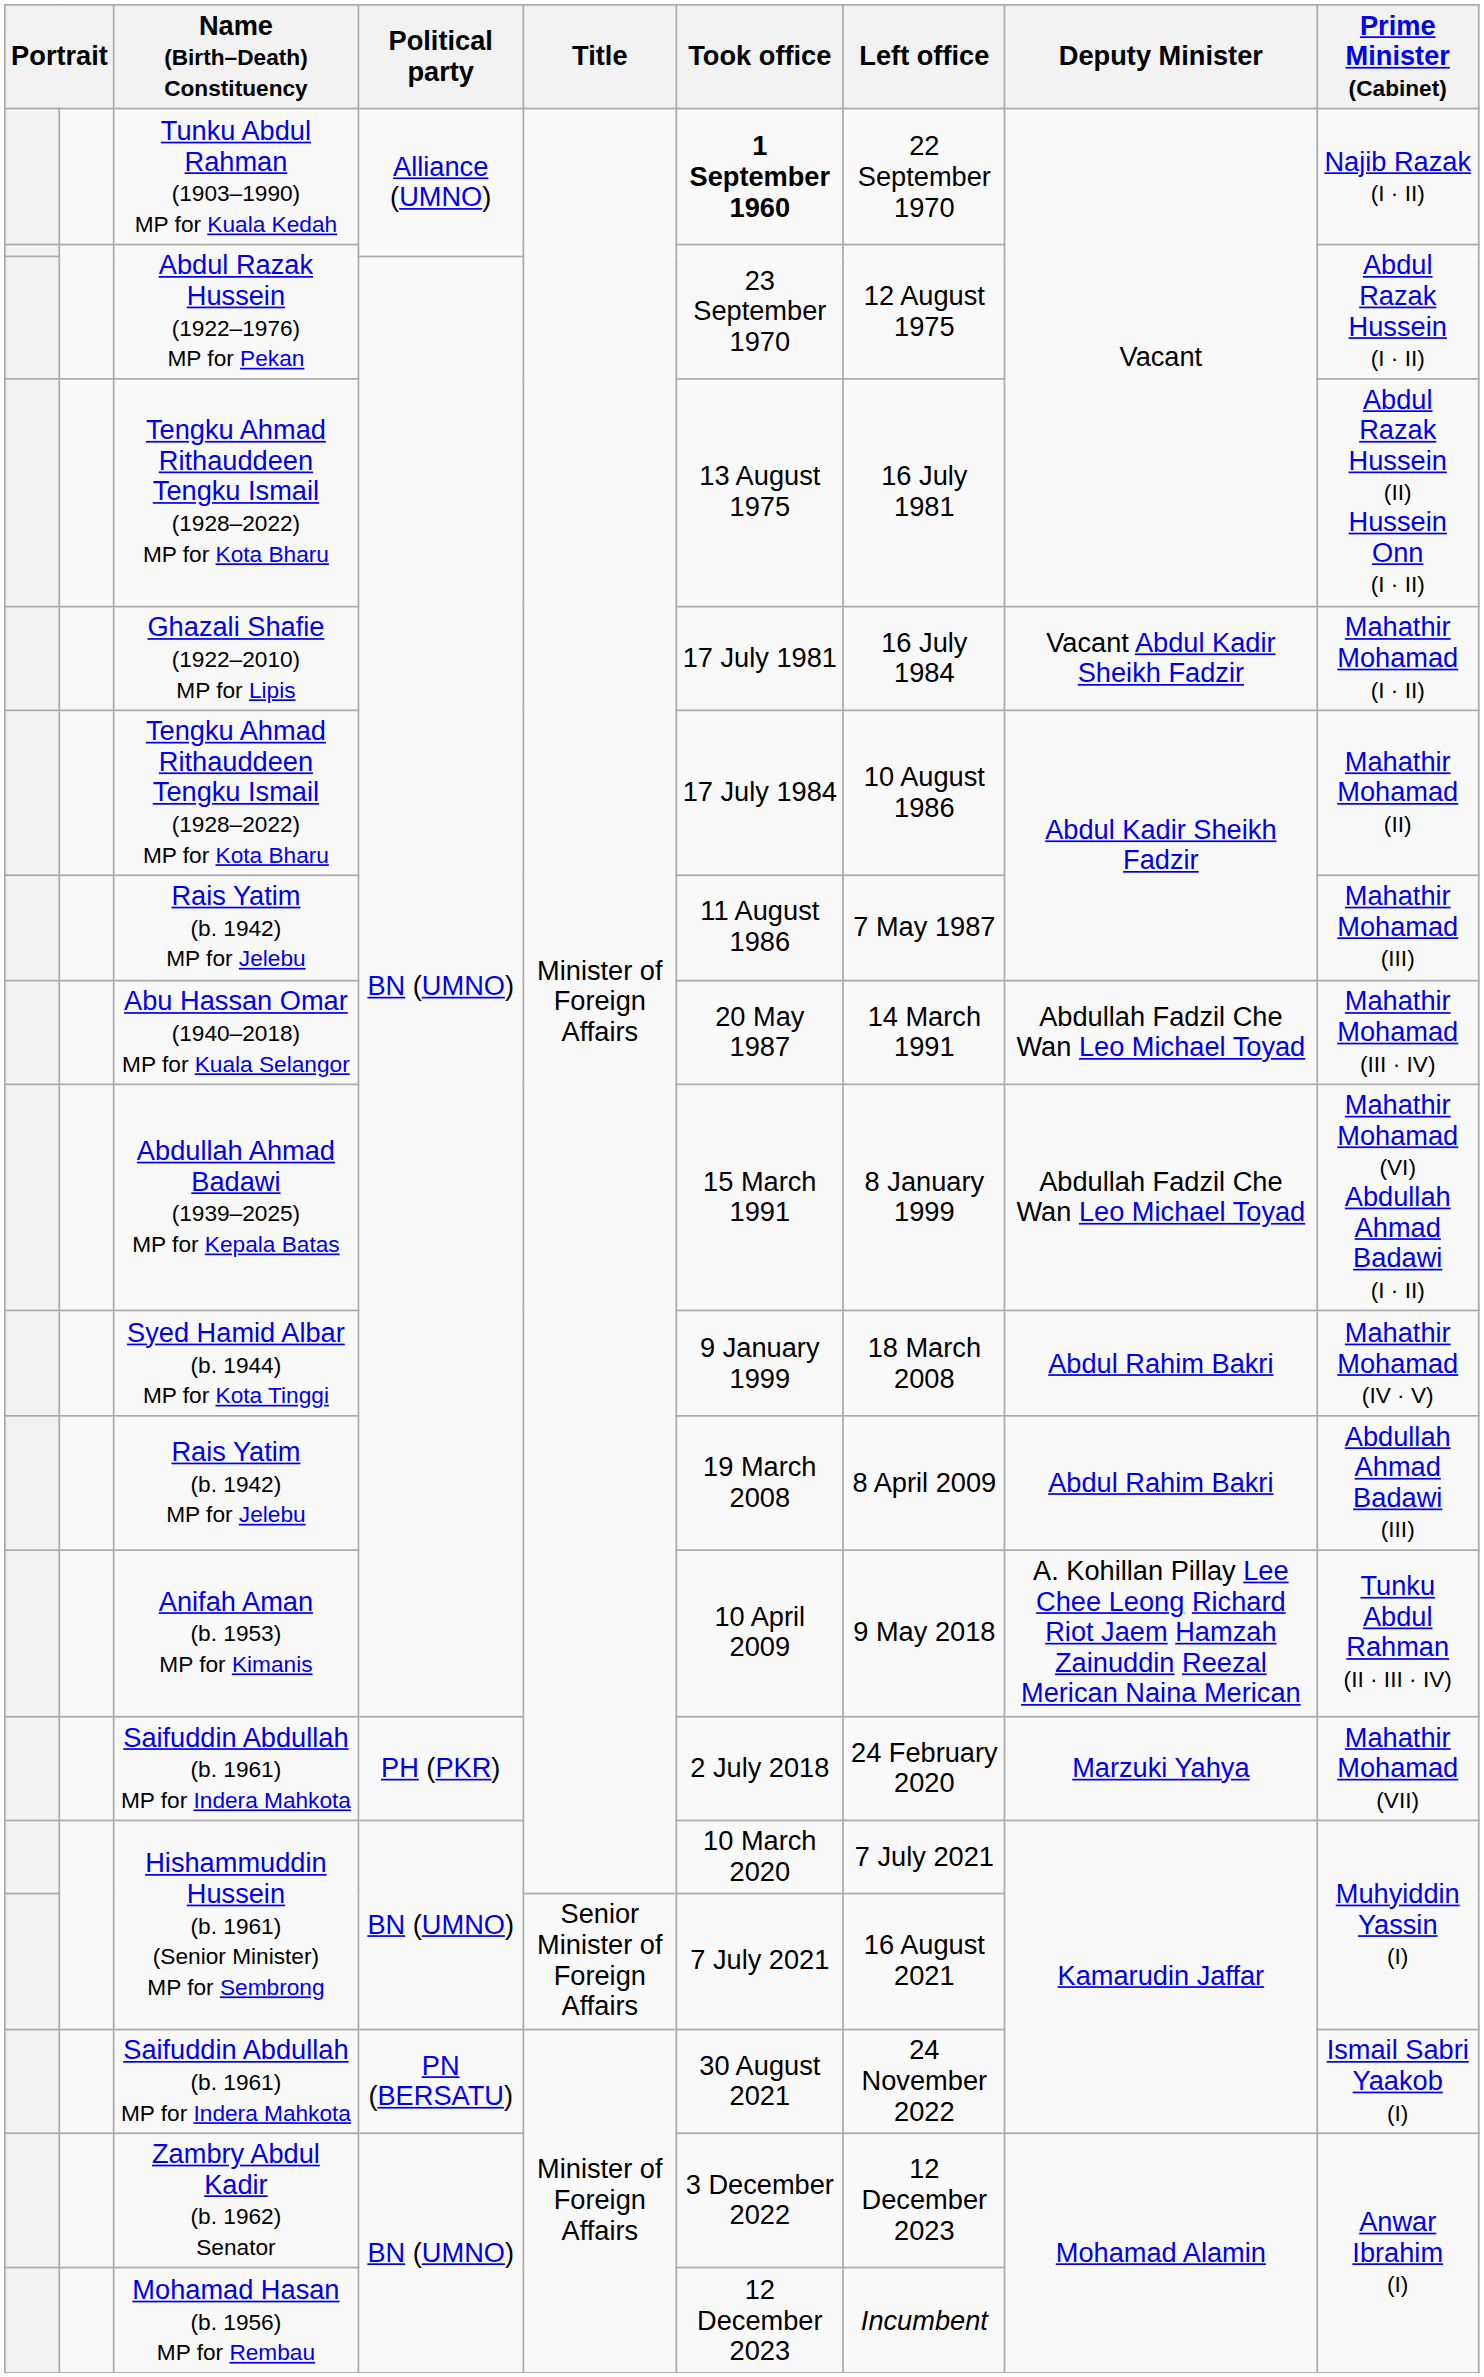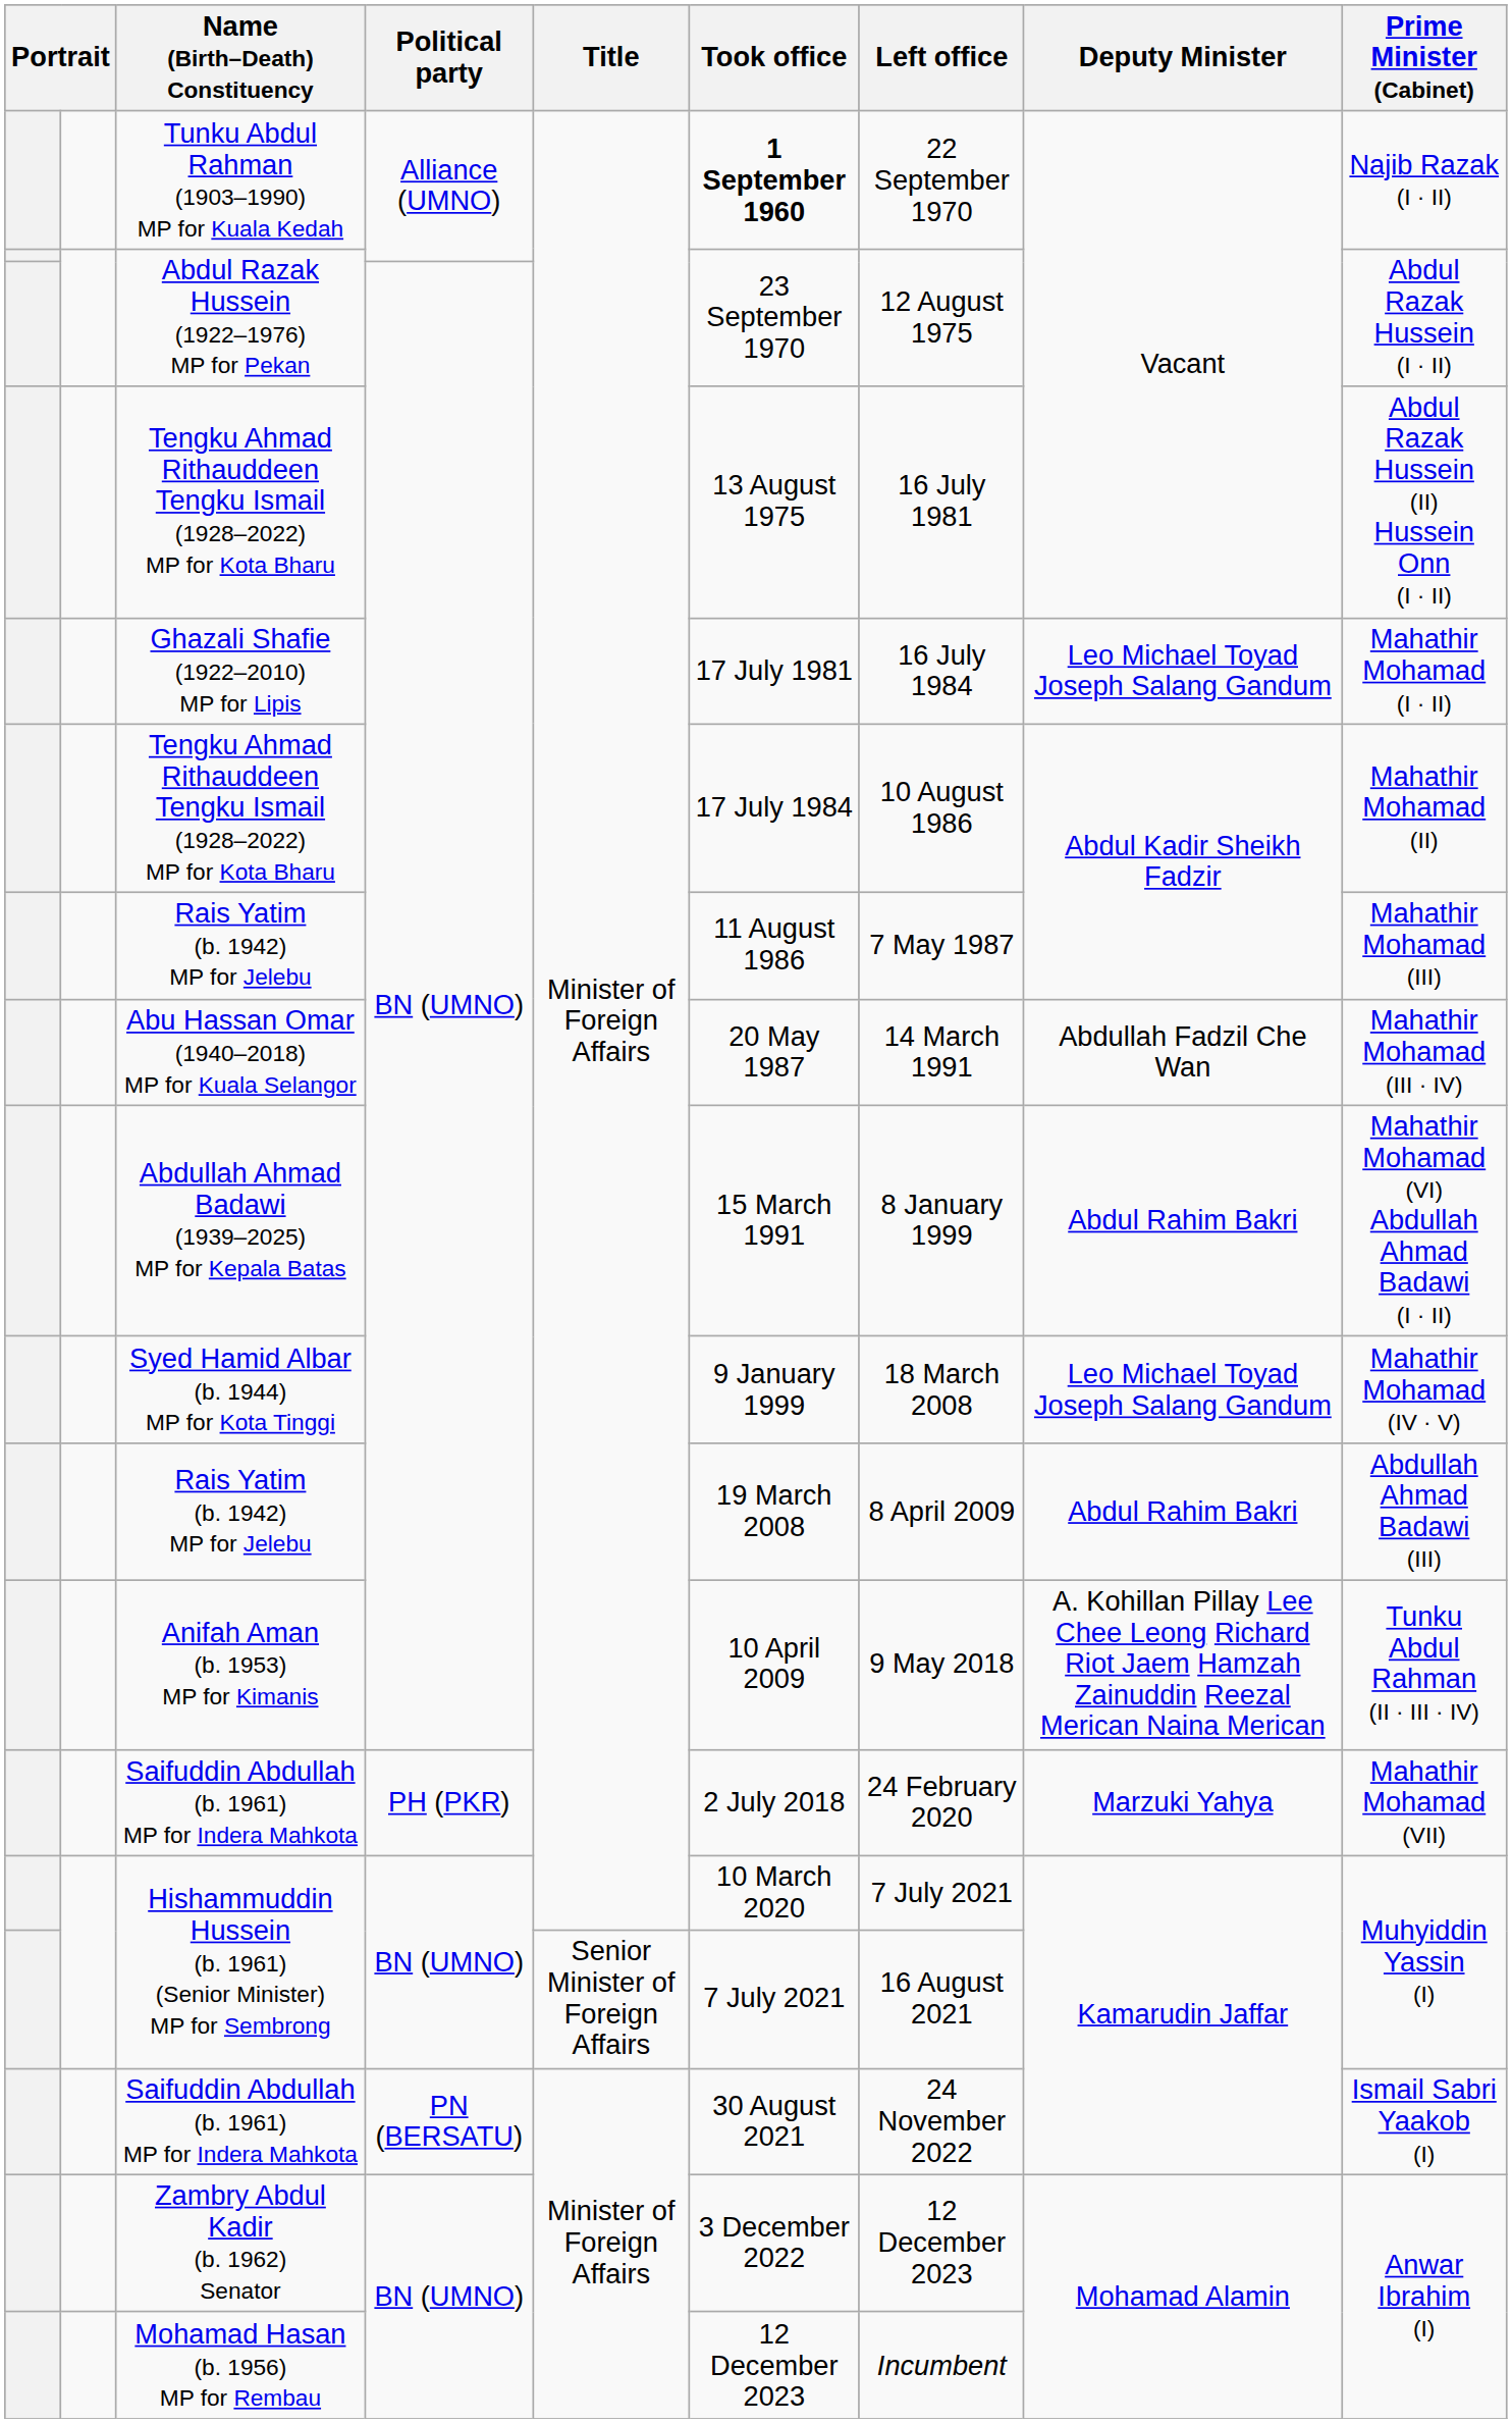 <table class="wikitable sortable" style="text-align:center;">
 <tr>
 <th colspan=2>Portrait</th>
 <th>Name<br><small>(Birth–Death)<br>Constituency</small></th>
 <th>Political party</th>
 <th>Title</th>
 <th>Took office</th>
 <th>Left office</th>
 <th>Deputy Minister</th>
 <th><a href='#'>Prime Minister</a><br><small>(Cabinet)</small></th>
 </tr>
 <tr>
 <th style="background:"></th>
 <td></td>
 <td><a href='#'>Tunku Abdul Rahman</a><br><small>(1903–1990)<br>MP for <a href='#'>Kuala Kedah</a></small></td>
 <td rowspan="2"><a href='#'>Alliance</a> (<a href='#'>UMNO</a>)</td>
 <td rowspan="14">Minister of Foreign Affairs</td>
 <td><strong>1 September 1960</strong></td>
 <td>22 September 1970</td>
 <td rowspan="4">Vacant</td>
 <td><a href='#'>Najib Razak</a><br><small>(I · II)</small></td>
 </tr>
 <tr>
 <th style="background:"></th>
 <td rowspan=2></td>
 <td rowspan=2><a href='#'>Abdul Razak Hussein</a><br><small>(1922–1976)<br>MP for <a href='#'>Pekan</a></small></td>
 <td rowspan=2>23 September 1970</td>
 <td rowspan=2>12 August 1975</td>
 <td rowspan=2><a href='#'>Abdul Razak Hussein</a><br><small>(I · II)</small></td>
 </tr>
 <tr>
 <th style="background:"></th>
 <td rowspan=10><a href='#'>BN</a> (<a href='#'>UMNO</a>)</td>
 </tr>
 <tr>
 <th style="background:"></th>
 <td></td>
 <td><a href='#'>Tengku Ahmad Rithauddeen Tengku Ismail</a><br><small>(1928–2022)<br>MP for <a href='#'>Kota Bharu</a></small></td>
 <td>13 August 1975</td>
 <td>16 July 1981</td>
 <td><a href='#'>Abdul Razak Hussein</a><br><small>(II)</small><br><a href='#'>Hussein Onn</a><br><small>(I · II)</small></td>
 </tr>
 <tr>
 <th style="background:"></th>
 <td></td>
 <td><a href='#'>Ghazali Shafie</a><br><small>(1922–2010)<br>MP for <a href='#'>Lipis</a></small></td>
 <td>17 July 1981</td>
 <td>16 July 1984</td>
-<td>Vacant  <a href='#'>Abdul Kadir Sheikh Fadzir</a> </td>
+<td><a href='#'>Leo Michael Toyad</a>  <a href='#'>Joseph Salang Gandum</a> </td>
 <td><a href='#'>Mahathir Mohamad</a><br><small>(I · II)</small></td>
 </tr>
 <tr>
 <th style="background:"></th>
 <td></td>
 <td><a href='#'>Tengku Ahmad Rithauddeen Tengku Ismail</a><br><small>(1928–2022)<br>MP for <a href='#'>Kota Bharu</a></small></td>
 <td>17 July 1984</td>
 <td>10 August 1986</td>
 <td rowspan="2"><a href='#'>Abdul Kadir Sheikh Fadzir</a></td>
 <td><a href='#'>Mahathir Mohamad</a><br><small>(II)</small></td>
 </tr>
 <tr>
 <th style="background:"></th>
 <td></td>
 <td><a href='#'>Rais Yatim</a><br><small>(b. 1942)<br>MP for <a href='#'>Jelebu</a></small></td>
 <td>11 August 1986</td>
 <td>7 May 1987</td>
 <td><a href='#'>Mahathir Mohamad</a><br><small>(III)</small></td>
 </tr>
 <tr>
 <th style="background:"></th>
 <td></td>
 <td><a href='#'>Abu Hassan Omar</a><br><small>(1940–2018)<br>MP for <a href='#'>Kuala Selangor</a></small></td>
 <td>20 May 1987</td>
 <td>14 March 1991</td>
-<td>Abdullah Fadzil Che Wan  <a href='#'>Leo Michael Toyad</a> </td>
+<td>Abdullah Fadzil Che Wan</td>
 <td><a href='#'>Mahathir Mohamad</a><br><small>(III · IV)</small></td>
 </tr>
 <tr>
 <th style="background:"></th>
 <td></td>
 <td><a href='#'>Abdullah Ahmad Badawi</a><br><small>(1939–2025)<br>MP for <a href='#'>Kepala Batas</a></small></td>
 <td>15 March 1991</td>
 <td>8 January 1999</td>
-<td>Abdullah Fadzil Che Wan  <a href='#'>Leo Michael Toyad</a> </td>
+<td><a href='#'>Abdul Rahim Bakri</a></td>
 <td><a href='#'>Mahathir Mohamad</a><br><small>(VI)</small><br><a href='#'>Abdullah Ahmad Badawi</a><br><small>(I · II)</small></td>
 </tr>
 <tr>
 <th style="background:"></th>
 <td></td>
 <td><a href='#'>Syed Hamid Albar</a><br><small>(b. 1944)<br>MP for <a href='#'>Kota Tinggi</a></small></td>
 <td>9 January 1999</td>
 <td>18 March 2008</td>
-<td><a href='#'>Abdul Rahim Bakri</a></td>
+<td><a href='#'>Leo Michael Toyad</a>  <a href='#'>Joseph Salang Gandum</a> </td>
 <td><a href='#'>Mahathir Mohamad</a><br><small>(IV · V)</small></td>
 </tr>
 <tr>
 <th style="background:"></th>
 <td></td>
 <td><a href='#'>Rais Yatim</a><br><small>(b. 1942)<br>MP for <a href='#'>Jelebu</a></small></td>
 <td>19 March 2008</td>
 <td>8 April 2009</td>
 <td><a href='#'>Abdul Rahim Bakri</a></td>
 <td><a href='#'>Abdullah Ahmad Badawi</a><br><small>(III)</small></td>
 </tr>
 <tr>
 <th style="background:"></th>
 <td></td>
 <td><a href='#'>Anifah Aman</a><br><small>(b. 1953)<br>MP for <a href='#'>Kimanis</a></small></td>
 <td>10 April 2009</td>
 <td>9 May 2018</td>
 <td>A. Kohillan Pillay  <a href='#'>Lee Chee Leong</a>  <a href='#'>Richard Riot Jaem</a>  <a href='#'>Hamzah Zainuddin</a>  <a href='#'>Reezal Merican Naina Merican</a> </td>
 <td><a href='#'>Tunku Abdul Rahman</a><br><small>(II · III · IV)</small></td>
 </tr>
 <tr>
 <th style="background:"></th>
 <td></td>
 <td><a href='#'>Saifuddin Abdullah</a><br><small>(b. 1961)<br>MP for <a href='#'>Indera Mahkota</a></small></td>
 <td><a href='#'>PH</a> (<a href='#'>PKR</a>)</td>
 <td>2 July 2018</td>
 <td>24 February 2020</td>
 <td><a href='#'>Marzuki Yahya</a></td>
 <td><a href='#'>Mahathir Mohamad</a><br><small>(VII)</small></td>
 </tr>
 <tr>
 <th style="background:"></th>
 <td rowspan="2"></td>
 <td rowspan="2"><a href='#'>Hishammuddin Hussein</a><br><small>(b. 1961)<br>(Senior Minister)<br>MP for <a href='#'>Sembrong</a></small></td>
 <td rowspan="2"><a href='#'>BN</a> (<a href='#'>UMNO</a>)</td>
 <td>10 March 2020</td>
 <td>7 July 2021</td>
 <td rowspan="3"><a href='#'>Kamarudin Jaffar</a></td>
 <td rowspan="2"><a href='#'>Muhyiddin Yassin</a><br><small>(I)</small></td>
 </tr>
 <tr>
 <th style="background:"></th>
 <td>Senior Minister of Foreign Affairs</td>
 <td>7 July 2021</td>
 <td>16 August 2021</td>
 </tr>
 <tr>
 <th style="background:"></th>
 <td></td>
 <td><a href='#'>Saifuddin Abdullah</a><br><small>(b. 1961)<br>MP for <a href='#'>Indera Mahkota</a></small></td>
 <td><a href='#'>PN</a> (<a href='#'>BERSATU</a>)</td>
 <td rowspan="3">Minister of Foreign Affairs</td>
 <td>30 August 2021</td>
 <td>24 November 2022</td>
 <td><a href='#'>Ismail Sabri Yaakob</a><br><small>(I)</small></td>
 </tr>
 <tr>
 <th style="background:"></th>
 <td></td>
 <td><a href='#'>Zambry Abdul Kadir</a><br><small>(b. 1962)<br>Senator</small></td>
 <td rowspan=2><a href='#'>BN</a> (<a href='#'>UMNO</a>)</td>
 <td>3 December 2022</td>
 <td>12 December 2023</td>
 <td rowspan="2"><a href='#'>Mohamad Alamin</a></td>
 <td rowspan="2"><a href='#'>Anwar Ibrahim</a><br><small>(I)</small></td>
 </tr>
 <tr>
 <th style="background:"></th>
 <td></td>
 <td><a href='#'>Mohamad Hasan</a><br><small>(b. 1956)<br>MP for <a href='#'>Rembau</a></small></td>
 <td>12 December 2023</td>
 <td><em>Incumbent</em></td>
 </tr>
 </table>
